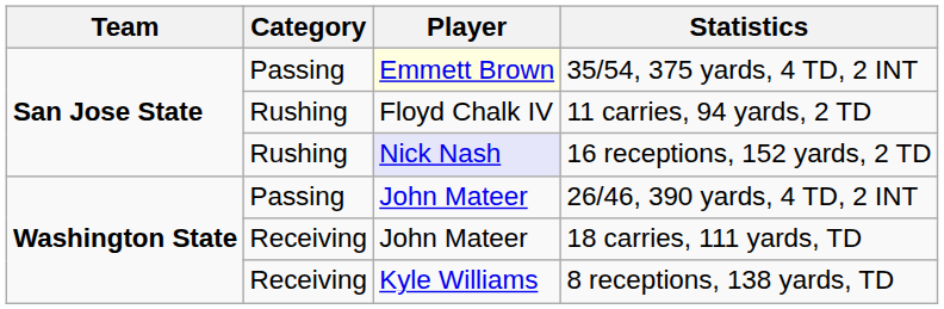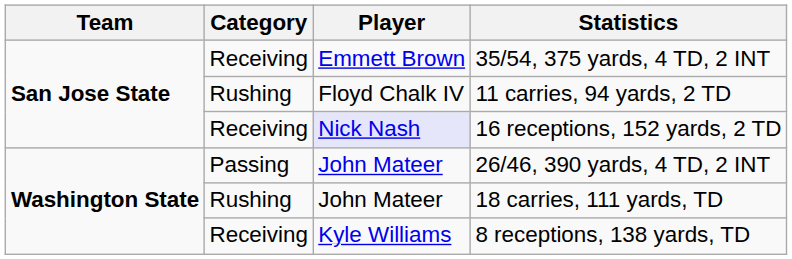 <table class="wikitable" style="float: right;">
 <tr>
 <th>Team</th>
 <th>Category</th>
 <th>Player</th>
 <th>Statistics</th>
 </tr>
 <tr>
 <td rowspan=3><strong>San Jose State</strong></td>
-<td>Passing</td>
-<td style="background: lightyellow;"><a href='#'>Emmett Brown</a></td>
+<td>Receiving</td>
+<td><a href='#'>Emmett Brown</a></td>
 <td>35/54, 375 yards, 4 TD, 2 INT</td>
 </tr>
 <tr>
 <td>Rushing</td>
 <td>Floyd Chalk IV</td>
 <td>11 carries, 94 yards, 2 TD</td>
 </tr>
 <tr>
-<td>Rushing</td>
+<td>Receiving</td>
 <td style="background: lavender;"><a href='#'>Nick Nash</a></td>
 <td>16 receptions, 152 yards, 2 TD</td>
 </tr>
 <tr>
 <td rowspan=3><strong>Washington State</strong></td>
 <td>Passing</td>
 <td><a href='#'>John Mateer</a></td>
 <td>26/46, 390 yards, 4 TD, 2 INT</td>
 </tr>
 <tr>
-<td>Receiving</td>
+<td>Rushing</td>
 <td>John Mateer</td>
 <td>18 carries, 111 yards, TD</td>
 </tr>
 <tr>
 <td>Receiving</td>
 <td><a href='#'>Kyle Williams</a></td>
 <td>8 receptions, 138 yards, TD</td>
 </tr>
 </table>
